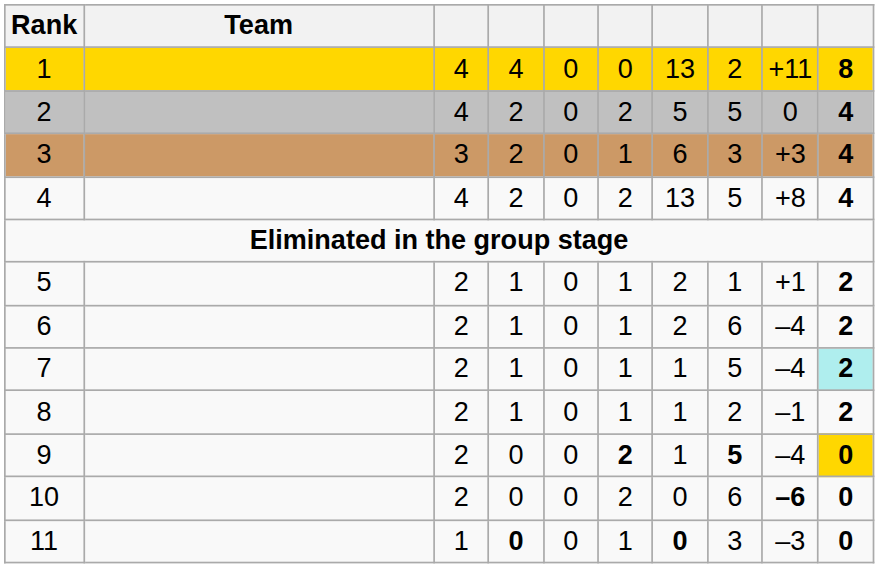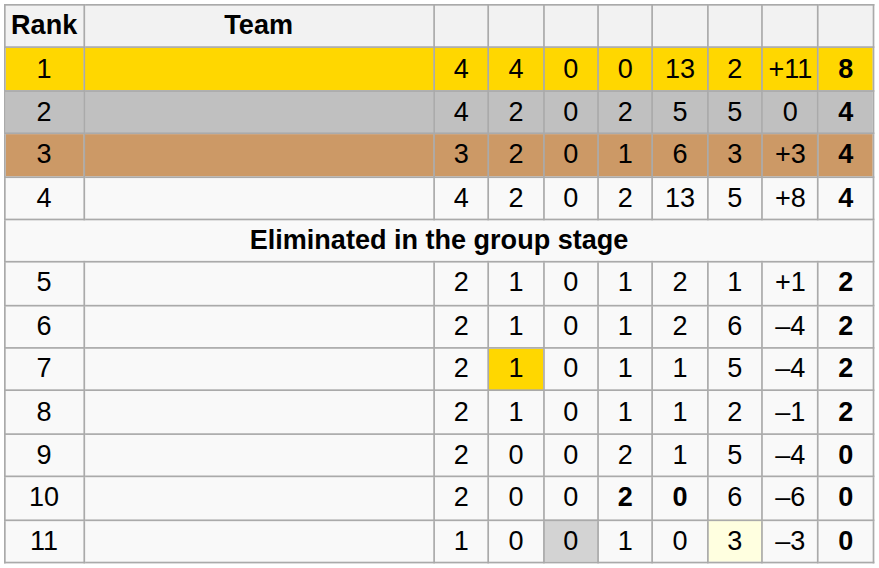 <table class="wikitable" style="text-align:center">
 <tr>
 <th width=20>Rank</th>
 <th width=200>Team</th>
 <th width="25"></th>
 <th width="25"></th>
 <th width="25"></th>
 <th width="25"></th>
 <th width="25"></th>
 <th width="25"></th>
 <th width="25"></th>
 <th width="25"></th>
 </tr>
 <tr style="background:gold;">
 <td>1</td>
 <td style="text-align:left;"></td>
 <td>4</td>
 <td>4</td>
 <td>0</td>
 <td>0</td>
 <td>13</td>
 <td>2</td>
 <td>+11</td>
 <td><strong>8</strong></td>
 </tr>
 <tr style="background:silver;">
 <td>2</td>
 <td style="text-align:left;"></td>
 <td>4</td>
 <td>2</td>
 <td>0</td>
 <td>2</td>
 <td>5</td>
 <td>5</td>
 <td>0</td>
 <td><strong>4</strong></td>
 </tr>
 <tr style="background:#c96;">
 <td>3</td>
 <td style="text-align:left;"></td>
 <td>3</td>
 <td>2</td>
 <td>0</td>
 <td>1</td>
 <td>6</td>
 <td>3</td>
 <td>+3</td>
 <td><strong>4</strong></td>
 </tr>
 <tr>
 <td>4</td>
 <td style="text-align:left;"></td>
 <td>4</td>
 <td>2</td>
 <td>0</td>
 <td>2</td>
 <td>13</td>
 <td>5</td>
 <td>+8</td>
 <td><strong>4</strong></td>
 </tr>
 <tr>
 <td colspan=14><strong>Eliminated in the group stage</strong></td>
 </tr>
 <tr>
 <td>5</td>
 <td style="text-align:left;"></td>
 <td>2</td>
 <td>1</td>
 <td>0</td>
 <td>1</td>
 <td>2</td>
 <td>1</td>
 <td>+1</td>
 <td><strong>2</strong></td>
 </tr>
 <tr>
 <td>6</td>
 <td style="text-align:left;"></td>
 <td>2</td>
 <td>1</td>
 <td>0</td>
 <td>1</td>
 <td>2</td>
 <td>6</td>
 <td>–4</td>
 <td><strong>2</strong></td>
 </tr>
 <tr>
 <td>7</td>
 <td style="text-align:left;"></td>
 <td>2</td>
-<td>1</td>
+<td style="background: gold;">1</td>
 <td>0</td>
 <td>1</td>
 <td>1</td>
 <td>5</td>
 <td>–4</td>
-<td style="background: paleturquoise;"><strong>2</strong></td>
+<td><strong>2</strong></td>
 </tr>
 <tr>
 <td>8</td>
 <td style="text-align:left;"></td>
 <td>2</td>
 <td>1</td>
 <td>0</td>
 <td>1</td>
 <td>1</td>
 <td>2</td>
 <td>–1</td>
 <td><strong>2</strong></td>
 </tr>
 <tr>
 <td>9</td>
 <td style="text-align:left;"></td>
 <td>2</td>
 <td>0</td>
 <td>0</td>
-<td><strong>2</strong></td>
+<td>2</td>
 <td>1</td>
-<td><strong>5</strong></td>
+<td>5</td>
 <td>–4</td>
-<td style="background: gold;"><strong>0</strong></td>
+<td><strong>0</strong></td>
 </tr>
 <tr>
 <td>10</td>
 <td style="text-align:left;"></td>
 <td>2</td>
 <td>0</td>
 <td>0</td>
-<td>2</td>
-<td>0</td>
+<td><strong>2</strong></td>
+<td><strong>0</strong></td>
 <td>6</td>
-<td><strong>–6</strong></td>
+<td>–6</td>
 <td><strong>0</strong></td>
 </tr>
 <tr>
 <td>11</td>
 <td style="text-align:left;"></td>
 <td>1</td>
-<td><strong>0</strong></td>
 <td>0</td>
+<td style="background: lightgrey;">0</td>
 <td>1</td>
-<td><strong>0</strong></td>
-<td>3</td>
+<td>0</td>
+<td style="background: lightyellow;">3</td>
 <td>–3</td>
 <td><strong>0</strong></td>
 </tr>
 </table>
